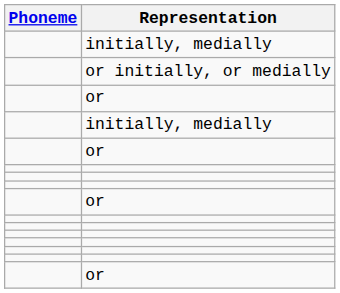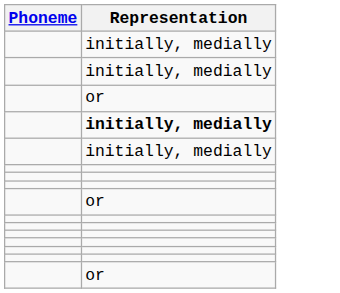 <table class="wikitable">
 <tr>
 <th><a href='#'>Phoneme</a></th>
 <th>Representation</th>
 </tr>
 <tr>
 <td></td>
 <td> initially,  medially</td>
 </tr>
 <tr>
 <td></td>
-<td> or  initially,  or  medially</td>
+<td> initially,  medially</td>
 </tr>
 <tr>
 <td></td>
 <td> or </td>
 </tr>
 <tr>
 <td></td>
-<td> initially,  medially</td>
+<td><strong> initially,  medially</strong></td>
 </tr>
 <tr>
 <td></td>
-<td> or </td>
+<td> initially,  medially</td>
 </tr>
 <tr>
 <td></td>
 <td></td>
 </tr>
 <tr>
 <td></td>
 <td></td>
 </tr>
 <tr>
 <td></td>
 <td></td>
 </tr>
 <tr>
 <td></td>
 <td> or </td>
 </tr>
 <tr>
 <td></td>
 <td></td>
 </tr>
 <tr>
 <td></td>
 <td></td>
 </tr>
 <tr>
 <td></td>
 <td></td>
 </tr>
 <tr>
 <td></td>
 <td></td>
 </tr>
 <tr>
 <td></td>
 <td></td>
 </tr>
 <tr>
 <td></td>
 <td></td>
 </tr>
 <tr>
 <td></td>
 <td> or </td>
 </tr>
 </table>
